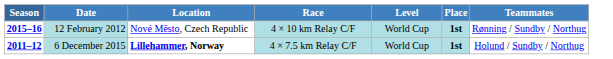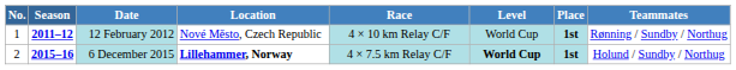 <table class="wikitable sortable" style="font-size:95%; text-align:center; border:grey solid 1px; border-collapse:collapse; background:#ffffff;">
 <tr style="background:#efefef;">
+<th style="background-color:#369; color:white;">No.</th>
 <th style="background-color:#369; color:white;">Season</th>
 <th style="background-color:#4180be; color:white; width:120px;">Date</th>
 <th style="background-color:#4180be; color:white; width:185px;">Location</th>
 <th style="background-color:#4180be; color:white; width:170px;">Race</th>
 <th style="background-color:#4180be; color:white; width:100px;">Level</th>
 <th style="background-color:#4180be; color:white;">Place</th>
 <th style="background-color:#4180be; color:white;">Teammates</th>
 </tr>
 <tr>
-<td rowspan=1 align=center><strong><a href='#'>2015–16</a></strong></td>
+<td align=center>1</td>
+<td rowspan=1 align=center><strong><a href='#'>2011–12</a></strong></td>
 <td bgcolor="#BOEOE6" align=right>12 February 2012</td>
 <td align=left> <a href='#'>Nové Město</a>, Czech Republic</td>
 <td bgcolor="#BOEOE6">4 × 10 km Relay C/F</td>
 <td bgcolor="#BOEOE6">World Cup</td>
 <td bgcolor="#BOEOE6"><strong>1st</strong></td>
 <td><a href='#'>Rønning</a> / <a href='#'>Sundby</a> / <a href='#'>Northug</a></td>
 </tr>
 <tr>
-<td rowspan=1 align=center><strong><a href='#'>2011–12</a></strong></td>
+<td align=center>2</td>
+<td rowspan=1 align=center><strong><a href='#'>2015–16</a></strong></td>
 <td bgcolor="#BOEOE6" align=right>6 December 2015</td>
 <td align=left><strong> <a href='#'>Lillehammer</a>, Norway</strong></td>
 <td bgcolor="#BOEOE6">4 × 7.5 km Relay C/F</td>
-<td bgcolor="#BOEOE6">World Cup</td>
+<td bgcolor="#BOEOE6"><strong>World Cup</strong></td>
 <td bgcolor="#BOEOE6"><strong>1st</strong></td>
 <td><a href='#'>Holund</a> / <a href='#'>Sundby</a> / <a href='#'>Northug</a></td>
 </tr>
 </table>
